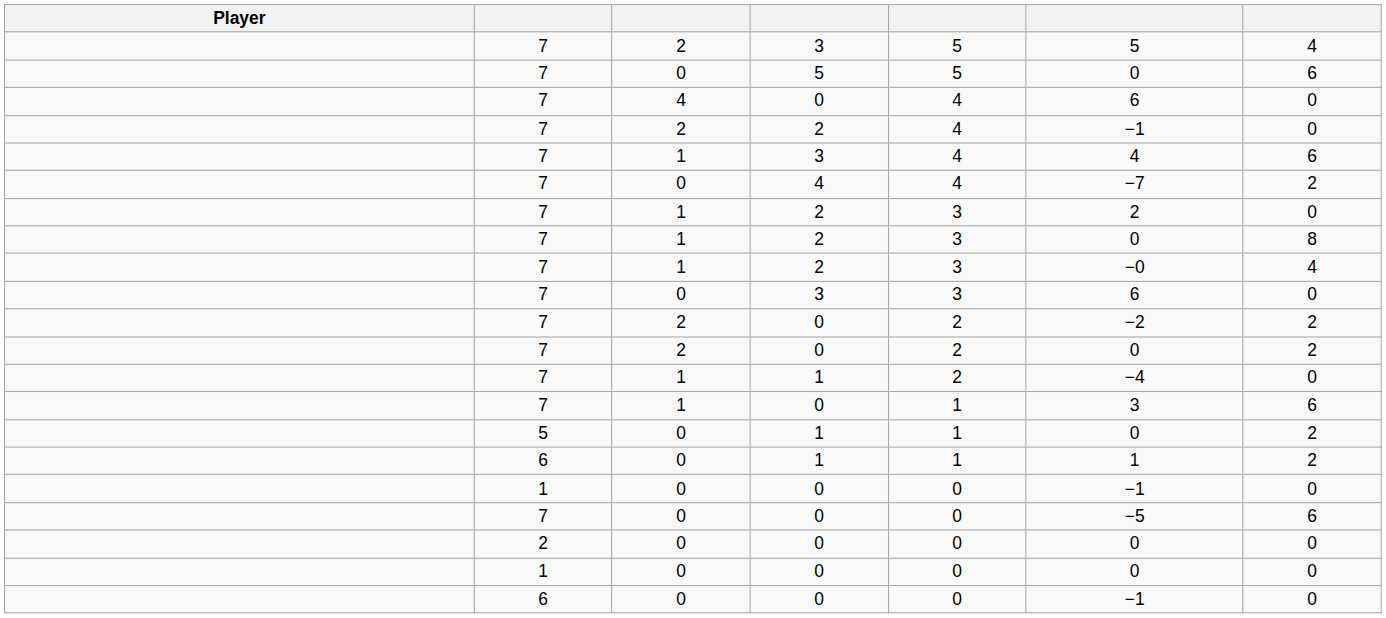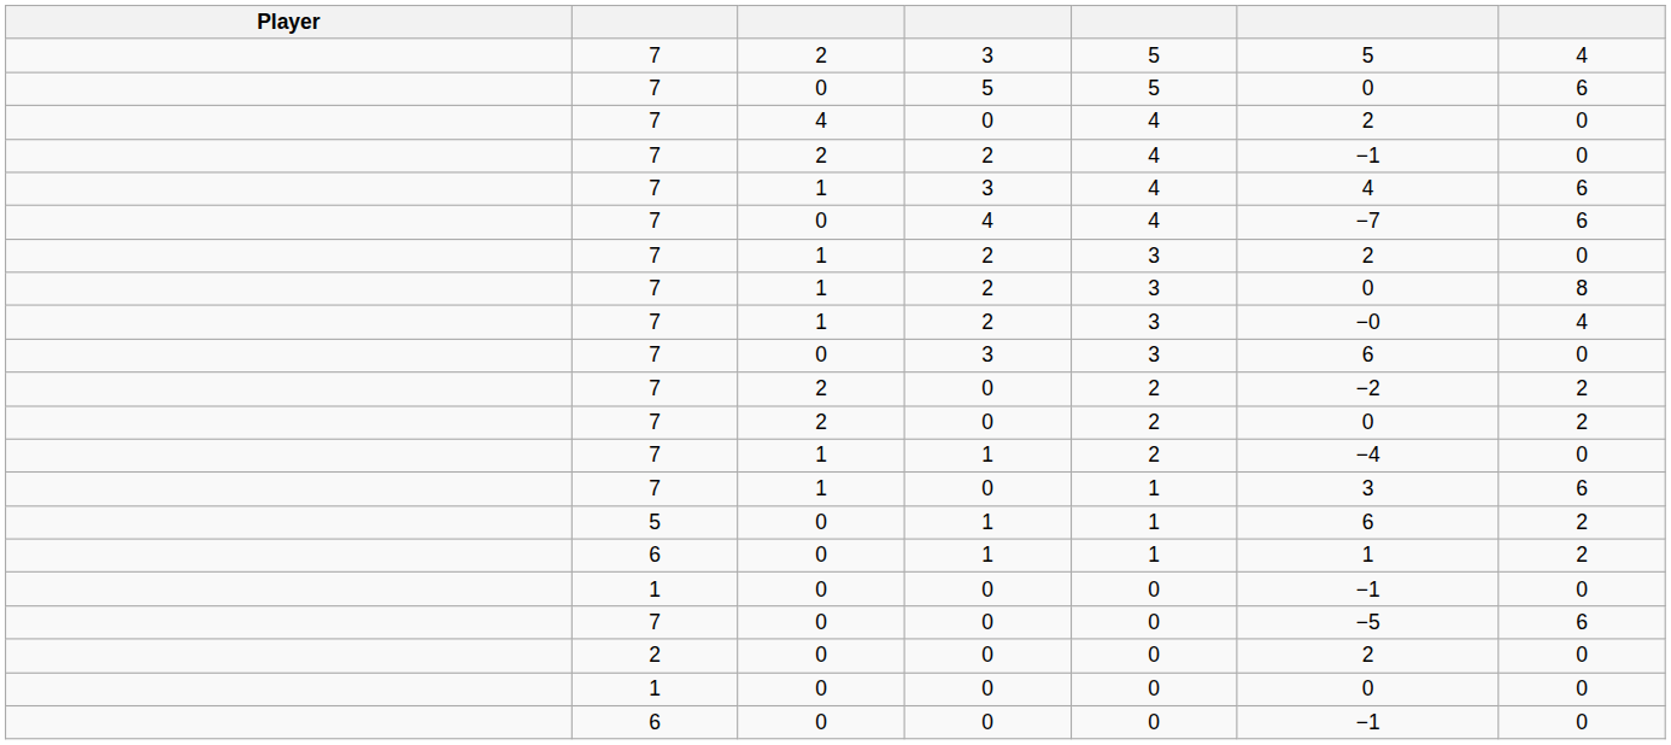 <table class="wikitable sortable" style="width:100%; text-align:center;">
 <tr>
 <th>Player</th>
 <th></th>
 <th></th>
 <th></th>
 <th></th>
 <th data-sort-type="number"></th>
 <th></th>
 </tr>
 <tr>
 <td></td>
 <td>7</td>
 <td>2</td>
 <td>3</td>
 <td>5</td>
 <td>5</td>
 <td>4</td>
 </tr>
 <tr>
 <td></td>
 <td>7</td>
 <td>0</td>
 <td>5</td>
 <td>5</td>
 <td>0</td>
 <td>6</td>
 </tr>
 <tr>
 <td></td>
 <td>7</td>
 <td>4</td>
 <td>0</td>
 <td>4</td>
-<td>6</td>
+<td>2</td>
 <td>0</td>
 </tr>
 <tr>
 <td></td>
 <td>7</td>
 <td>2</td>
 <td>2</td>
 <td>4</td>
 <td>−1</td>
 <td>0</td>
 </tr>
 <tr>
 <td></td>
 <td>7</td>
 <td>1</td>
 <td>3</td>
 <td>4</td>
 <td>4</td>
 <td>6</td>
 </tr>
 <tr>
 <td></td>
 <td>7</td>
 <td>0</td>
 <td>4</td>
 <td>4</td>
 <td>−7</td>
-<td>2</td>
+<td>6</td>
 </tr>
 <tr>
 <td></td>
 <td>7</td>
 <td>1</td>
 <td>2</td>
 <td>3</td>
 <td>2</td>
 <td>0</td>
 </tr>
 <tr>
 <td></td>
 <td>7</td>
 <td>1</td>
 <td>2</td>
 <td>3</td>
 <td>0</td>
 <td>8</td>
 </tr>
 <tr>
 <td></td>
 <td>7</td>
 <td>1</td>
 <td>2</td>
 <td>3</td>
 <td>−0</td>
 <td>4</td>
 </tr>
 <tr>
 <td></td>
 <td>7</td>
 <td>0</td>
 <td>3</td>
 <td>3</td>
 <td>6</td>
 <td>0</td>
 </tr>
 <tr>
 <td></td>
 <td>7</td>
 <td>2</td>
 <td>0</td>
 <td>2</td>
 <td>−2</td>
 <td>2</td>
 </tr>
 <tr>
 <td></td>
 <td>7</td>
 <td>2</td>
 <td>0</td>
 <td>2</td>
 <td>0</td>
 <td>2</td>
 </tr>
 <tr>
 <td></td>
 <td>7</td>
 <td>1</td>
 <td>1</td>
 <td>2</td>
 <td>−4</td>
 <td>0</td>
 </tr>
 <tr>
 <td></td>
 <td>7</td>
 <td>1</td>
 <td>0</td>
 <td>1</td>
 <td>3</td>
 <td>6</td>
 </tr>
 <tr>
 <td></td>
 <td>5</td>
 <td>0</td>
 <td>1</td>
 <td>1</td>
-<td>0</td>
+<td>6</td>
 <td>2</td>
 </tr>
 <tr>
 <td></td>
 <td>6</td>
 <td>0</td>
 <td>1</td>
 <td>1</td>
 <td>1</td>
 <td>2</td>
 </tr>
 <tr>
 <td></td>
 <td>1</td>
 <td>0</td>
 <td>0</td>
 <td>0</td>
 <td>−1</td>
 <td>0</td>
 </tr>
 <tr>
 <td></td>
 <td>7</td>
 <td>0</td>
 <td>0</td>
 <td>0</td>
 <td>−5</td>
 <td>6</td>
 </tr>
 <tr>
 <td></td>
 <td>2</td>
 <td>0</td>
 <td>0</td>
 <td>0</td>
-<td>0</td>
+<td>2</td>
 <td>0</td>
 </tr>
 <tr>
 <td></td>
 <td>1</td>
 <td>0</td>
 <td>0</td>
 <td>0</td>
 <td>0</td>
 <td>0</td>
 </tr>
 <tr>
 <td></td>
 <td>6</td>
 <td>0</td>
 <td>0</td>
 <td>0</td>
 <td>−1</td>
 <td>0</td>
 </tr>
 </table>
